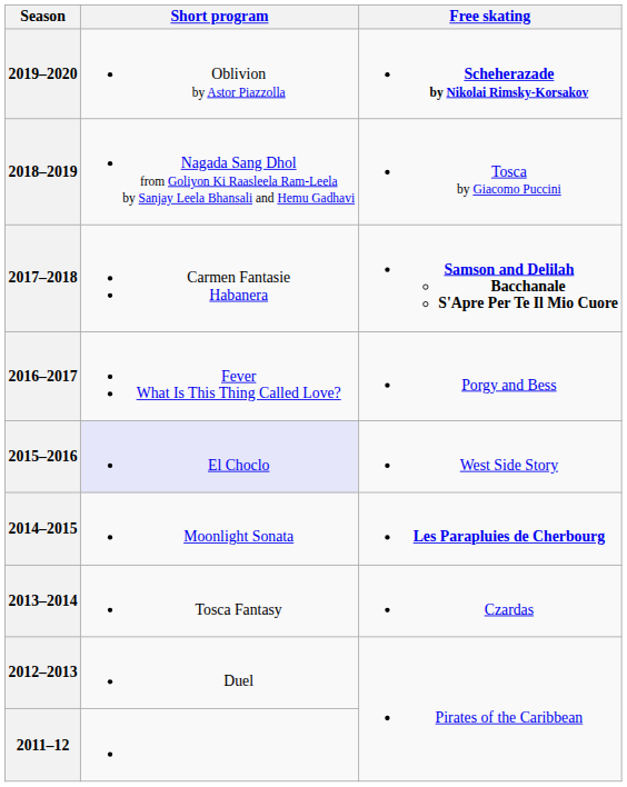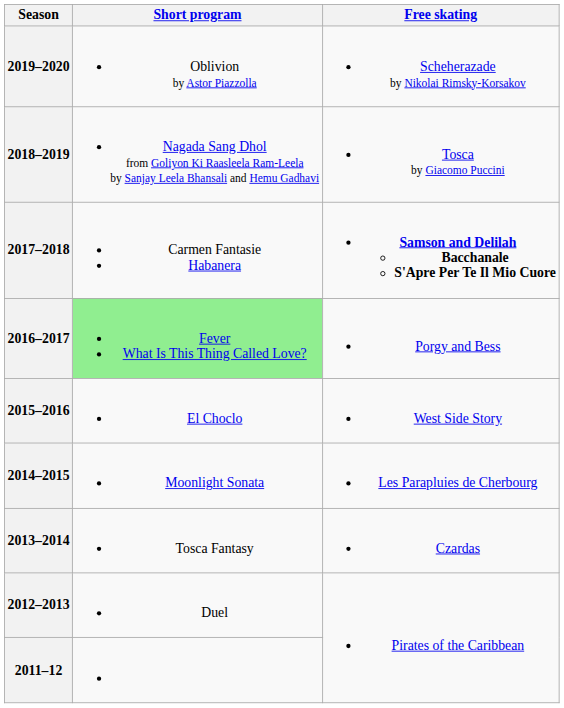 <table class="wikitable" style="text-align:center">
 <tr>
 <th>Season</th>
 <th><a href='#'>Short program</a></th>
 <th><a href='#'>Free skating</a></th>
 </tr>
 <tr>
 <th>2019–2020</th>
 <td><br><ul><li>Oblivion <br><small>by <a href='#'>Astor Piazzolla</a></small></li></ul></td>
-<td><strong><br><ul><li><a href='#'>Scheherazade</a> <br><small>by <a href='#'>Nikolai Rimsky-Korsakov</a></small></li></ul></strong></td>
+<td><br><ul><li><a href='#'>Scheherazade</a> <br><small>by <a href='#'>Nikolai Rimsky-Korsakov</a></small></li></ul></td>
 </tr>
 <tr>
 <th>2018–2019</th>
 <td><br><ul><li><a href='#'>Nagada Sang Dhol</a> <br><small>from <a href='#'>Goliyon Ki Raasleela Ram-Leela</a> <br> by <a href='#'>Sanjay Leela Bhansali</a> and <a href='#'>Hemu Gadhavi</a></small></li></ul></td>
 <td><br><ul><li><a href='#'>Tosca</a> <br><small>by <a href='#'>Giacomo Puccini</a></small></li></ul></td>
 </tr>
 <tr>
 <th>2017–2018 <br></th>
 <td><br><ul><li>Carmen Fantasie <br></li><li><a href='#'>Habanera</a> <br></li></ul></td>
 <td><strong><br><ul><li><a href='#'>Samson and Delilah</a> <br><ul><li>Bacchanale</li><li>S'Apre Per Te Il Mio Cuore <br></li></ul></li></ul></strong></td>
 </tr>
 <tr>
 <th>2016–2017</th>
-<td><br><ul><li><a href='#'>Fever</a> <br></li><li><a href='#'>What Is This Thing Called Love?</a> <br></li></ul></td>
+<td style="background: lightgreen;"><br><ul><li><a href='#'>Fever</a> <br></li><li><a href='#'>What Is This Thing Called Love?</a> <br></li></ul></td>
 <td><br><ul><li><a href='#'>Porgy and Bess</a> <br></li></ul></td>
 </tr>
 <tr>
 <th>2015–2016 <br> </th>
-<td style="background: lavender;"><br><ul><li><a href='#'>El Choclo</a> <br></li></ul></td>
+<td><br><ul><li><a href='#'>El Choclo</a> <br></li></ul></td>
 <td><br><ul><li><a href='#'>West Side Story</a> <br></li></ul></td>
 </tr>
 <tr>
 <th>2014–2015</th>
 <td><br><ul><li><a href='#'>Moonlight Sonata</a> <br></li></ul></td>
-<td><strong><br><ul><li><a href='#'>Les Parapluies de Cherbourg</a> <br></li></ul></strong></td>
+<td><br><ul><li><a href='#'>Les Parapluies de Cherbourg</a> <br></li></ul></td>
 </tr>
 <tr>
 <th>2013–2014</th>
 <td><br><ul><li>Tosca Fantasy <br></li></ul></td>
 <td><br><ul><li><a href='#'>Czardas</a> <br></li></ul></td>
 </tr>
 <tr>
 <th>2012–2013</th>
 <td><br><ul><li>Duel <br></li></ul></td>
 <td rowspan=2><br><ul><li><a href='#'>Pirates of the Caribbean</a> <br></li></ul></td>
 </tr>
 <tr>
 <th>2011–12</th>
 <td><br><ul><li></li></ul></td>
 </tr>
 </table>
